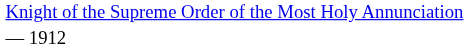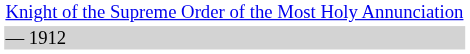 <table>
 <tr>
 <td rowspan=2 style="width:60px; vertical-align:top;"></td>
 <td><a href='#'>Knight of the Supreme Order of the Most Holy Annunciation</a></td>
 </tr>
 <tr>
-<td>— 1912</td>
+<td style="background: lightgrey;">— 1912</td>
 </tr>
 </table>
